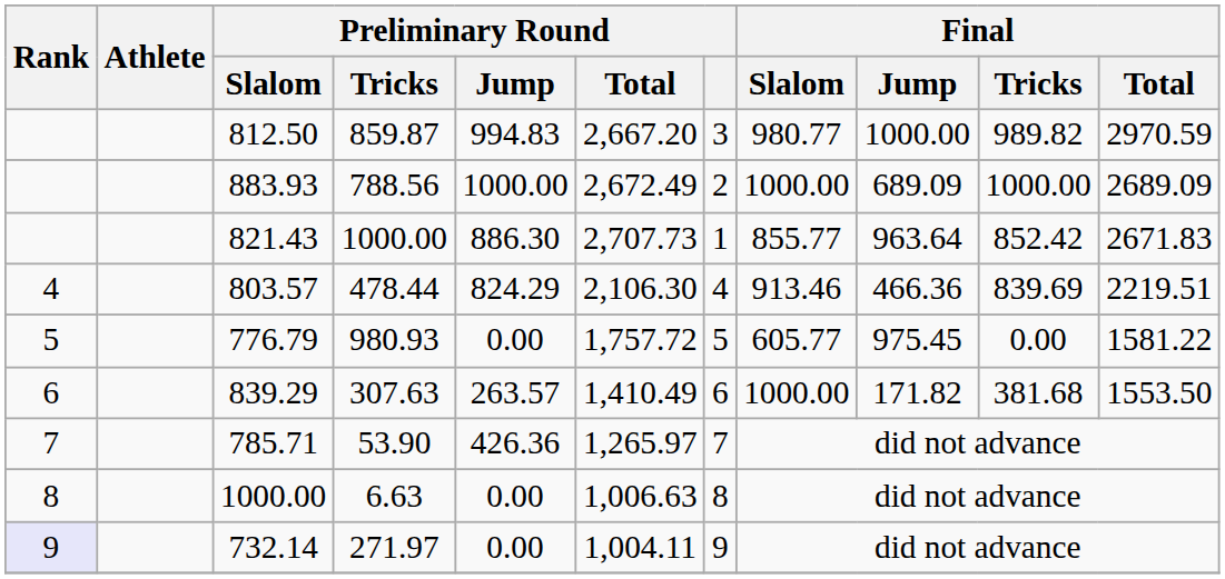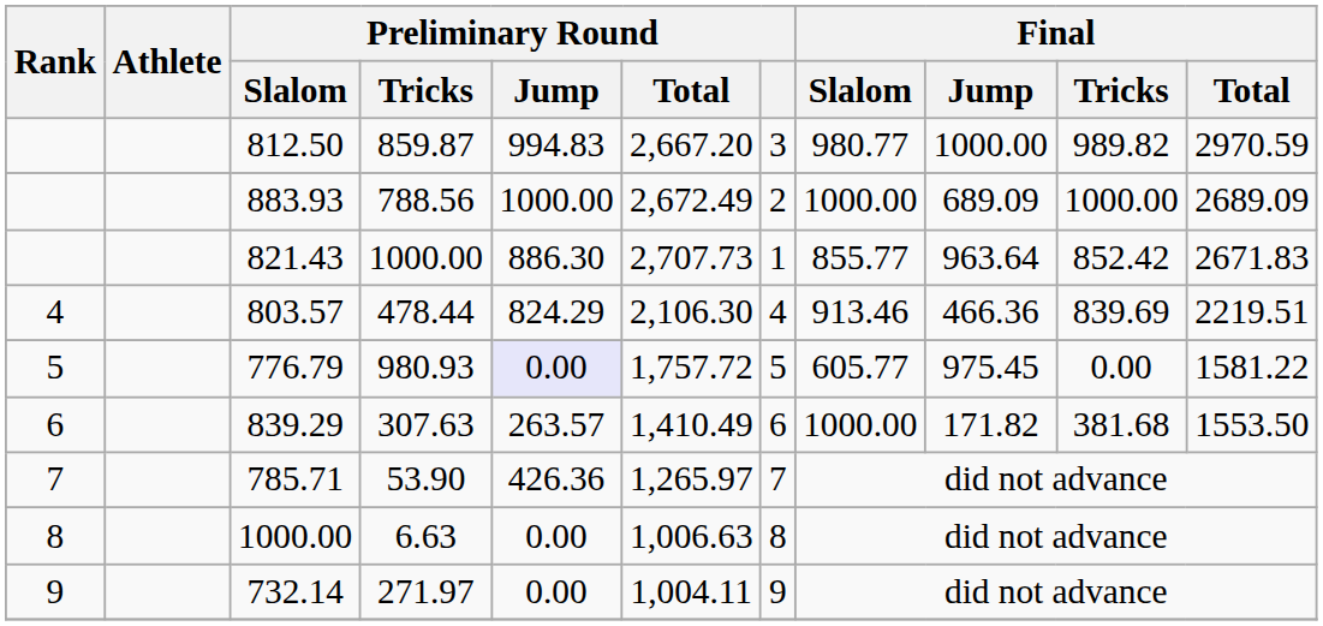 <table class="wikitable sortable" style="text-align:center;">
 <tr>
 <th rowspan="2">Rank</th>
 <th rowspan="2">Athlete</th>
 <th colspan="5">Preliminary Round</th>
 <th colspan="4">Final</th>
 </tr>
 <tr>
 <th>Slalom</th>
 <th>Tricks</th>
 <th>Jump</th>
 <th>Total</th>
 <th></th>
 <th>Slalom</th>
 <th>Jump</th>
 <th>Tricks</th>
 <th>Total</th>
 </tr>
 <tr>
 <td></td>
 <td align=left></td>
 <td>812.50</td>
 <td>859.87</td>
 <td>994.83</td>
 <td>2,667.20</td>
 <td>3</td>
 <td>980.77</td>
 <td>1000.00</td>
 <td>989.82</td>
 <td>2970.59</td>
 </tr>
 <tr>
 <td></td>
 <td align=left></td>
 <td>883.93</td>
 <td>788.56</td>
 <td>1000.00</td>
 <td>2,672.49</td>
 <td>2</td>
 <td>1000.00</td>
 <td>689.09</td>
 <td>1000.00</td>
 <td>2689.09</td>
 </tr>
 <tr>
 <td></td>
 <td align=left></td>
 <td>821.43</td>
 <td>1000.00</td>
 <td>886.30</td>
 <td>2,707.73</td>
 <td>1</td>
 <td>855.77</td>
 <td>963.64</td>
 <td>852.42</td>
 <td>2671.83</td>
 </tr>
 <tr>
 <td>4</td>
 <td align=left></td>
 <td>803.57</td>
 <td>478.44</td>
 <td>824.29</td>
 <td>2,106.30</td>
 <td>4</td>
 <td>913.46</td>
 <td>466.36</td>
 <td>839.69</td>
 <td>2219.51</td>
 </tr>
 <tr>
 <td>5</td>
 <td align=left></td>
 <td>776.79</td>
 <td>980.93</td>
-<td>0.00</td>
+<td style="background: lavender;">0.00</td>
 <td>1,757.72</td>
 <td>5</td>
 <td>605.77</td>
 <td>975.45</td>
 <td>0.00</td>
 <td>1581.22</td>
 </tr>
 <tr>
 <td>6</td>
 <td align=left></td>
 <td>839.29</td>
 <td>307.63</td>
 <td>263.57</td>
 <td>1,410.49</td>
 <td>6</td>
 <td>1000.00</td>
 <td>171.82</td>
 <td>381.68</td>
 <td>1553.50</td>
 </tr>
 <tr>
 <td>7</td>
 <td align=left></td>
 <td>785.71</td>
 <td>53.90</td>
 <td>426.36</td>
 <td>1,265.97</td>
 <td>7</td>
 <td colspan="4">did not advance</td>
 </tr>
 <tr>
 <td>8</td>
 <td align=left></td>
 <td>1000.00</td>
 <td>6.63</td>
 <td>0.00</td>
 <td>1,006.63</td>
 <td>8</td>
 <td colspan="4">did not advance</td>
 </tr>
 <tr>
-<td style="background: lavender;">9</td>
+<td>9</td>
 <td align=left></td>
 <td>732.14</td>
 <td>271.97</td>
 <td>0.00</td>
 <td>1,004.11</td>
 <td>9</td>
 <td colspan="4">did not advance</td>
 </tr>
 <tr>
 </tr>
 </table>
